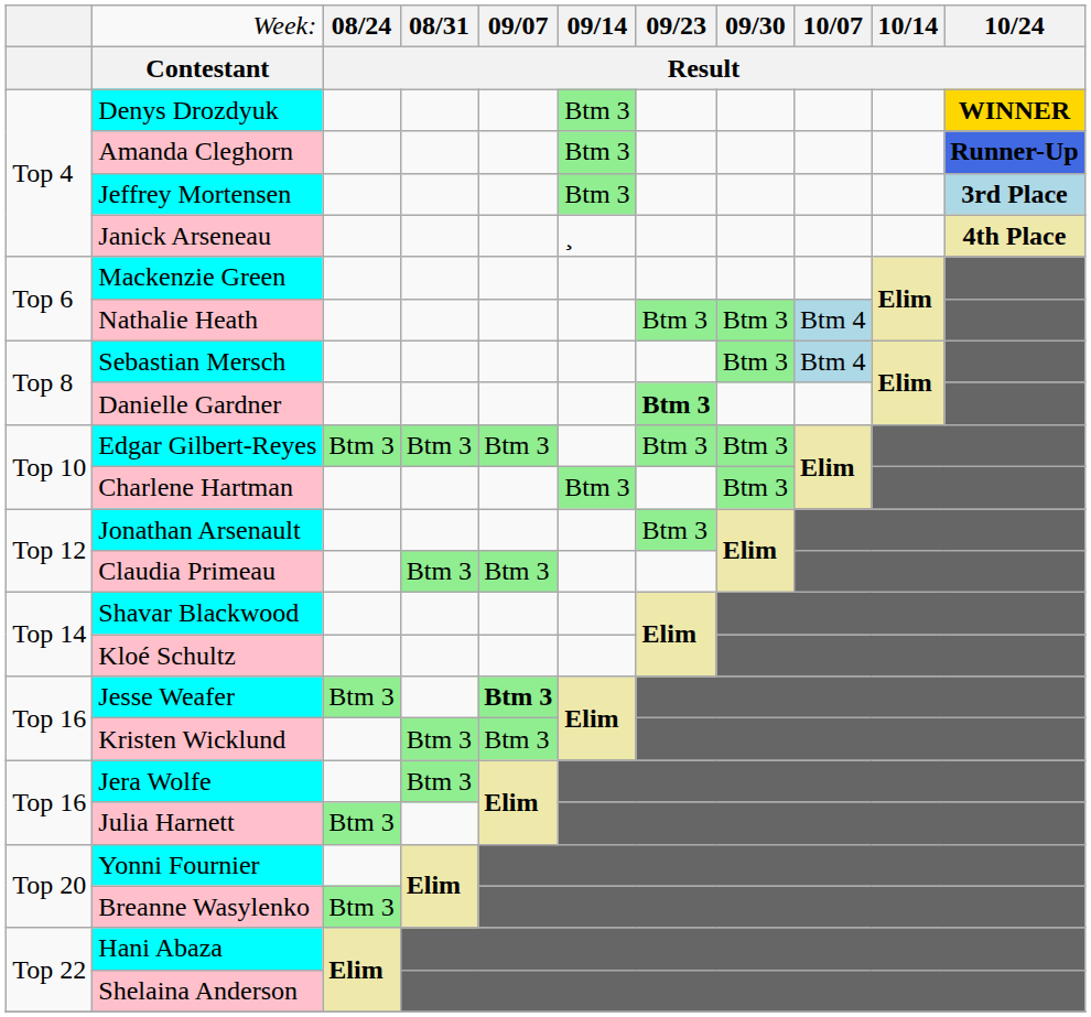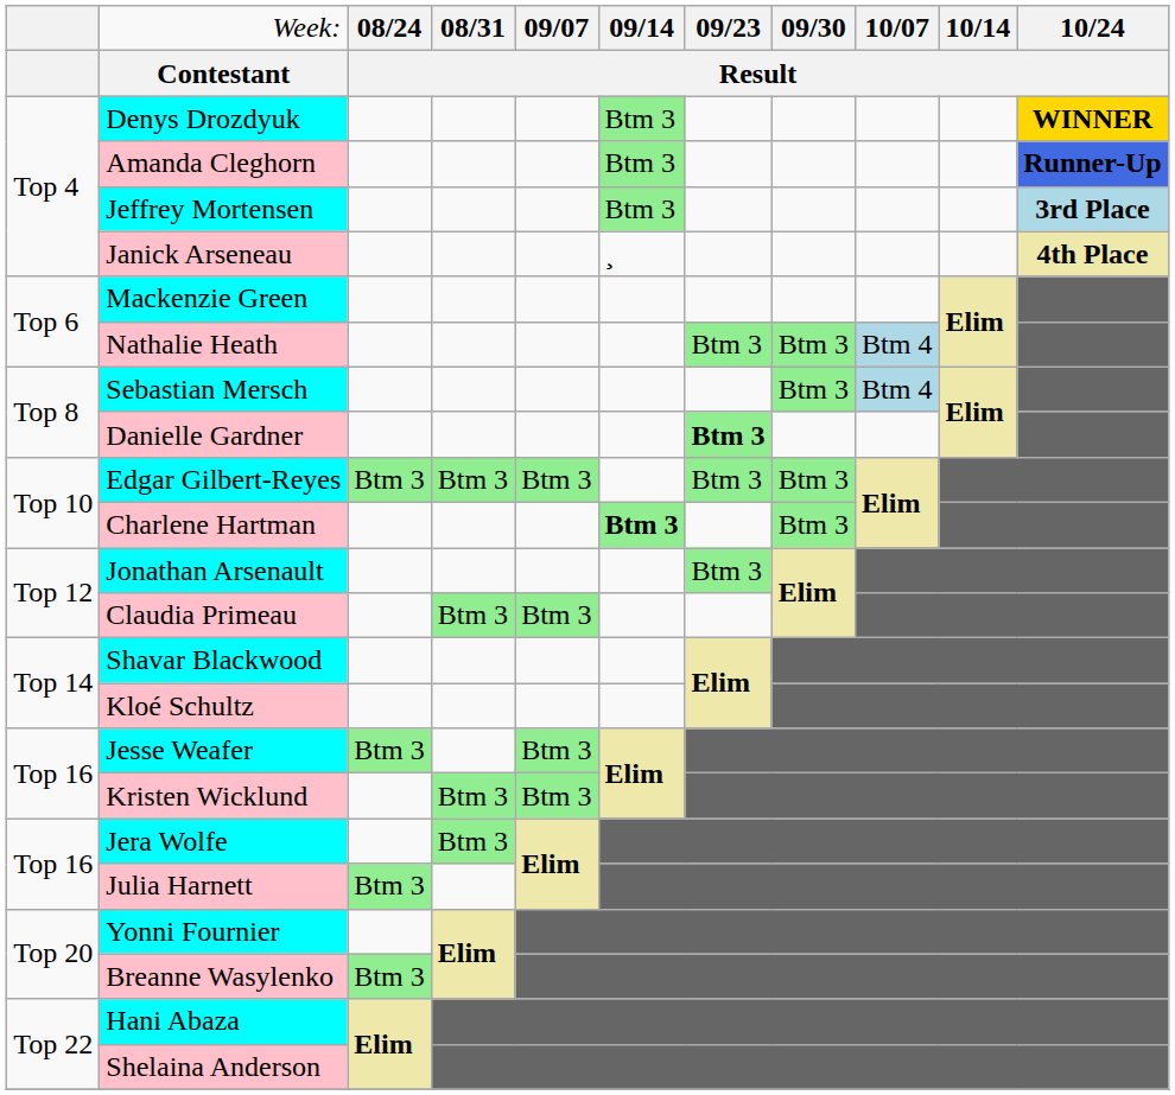 <table class="wikitable" style="margin:1em auto;">
 <tr>
 <th></th>
 <td align="right"><em>Week:</em></td>
 <th>08/24</th>
 <th>08/31</th>
 <th>09/07</th>
 <th>09/14</th>
 <th>09/23</th>
 <th>09/30</th>
 <th>10/07</th>
 <th>10/14</th>
 <th>10/24</th>
 </tr>
 <tr>
 <th></th>
 <th>Contestant</th>
 <th colspan="9" align="center">Result</th>
 </tr>
 <tr>
 <td rowspan="4">Top 4</td>
 <td bgcolor="cyan">Denys Drozdyuk</td>
 <td></td>
 <td></td>
 <td></td>
 <td style="background:lightgreen;">Btm 3</td>
 <td></td>
 <td></td>
 <td></td>
 <td></td>
 <td bgcolor="gold" align="center"><strong>WINNER</strong></td>
 </tr>
 <tr>
 <td bgcolor="pink">Amanda Cleghorn</td>
 <td></td>
 <td></td>
 <td></td>
 <td style="background:lightgreen;">Btm 3</td>
 <td></td>
 <td></td>
 <td></td>
 <td></td>
 <td bgcolor="royalblue" align="center"><strong>Runner-Up</strong></td>
 </tr>
 <tr>
 <td bgcolor="cyan">Jeffrey Mortensen</td>
 <td></td>
 <td></td>
 <td></td>
 <td style="background:lightgreen;">Btm 3</td>
 <td></td>
 <td></td>
 <td></td>
 <td></td>
 <td bgcolor="lightblue" align="center"><strong>3rd Place</strong></td>
 </tr>
 <tr>
 <td bgcolor="pink">Janick Arseneau</td>
 <td></td>
 <td></td>
 <td></td>
 <td>¸</td>
 <td></td>
 <td></td>
 <td></td>
 <td></td>
 <td bgcolor="palegoldenrod" align="center"><strong>4th Place</strong></td>
 </tr>
 <tr>
 <td rowspan="2">Top 6</td>
 <td bgcolor="cyan">Mackenzie Green</td>
 <td></td>
 <td></td>
 <td></td>
 <td></td>
 <td></td>
 <td></td>
 <td></td>
 <td rowspan="2" bgcolor="palegoldenrod"><strong>Elim</strong></td>
 <td colspan="1" bgcolor="666666"></td>
 </tr>
 <tr>
 <td bgcolor="pink">Nathalie Heath</td>
 <td></td>
 <td></td>
 <td></td>
 <td></td>
 <td style="background:lightgreen;">Btm 3</td>
 <td style="background:lightgreen;">Btm 3</td>
 <td style="background:lightblue;">Btm 4</td>
 <td colspan="1" bgcolor="666666"></td>
 </tr>
 <tr>
 <td rowspan="2">Top 8</td>
 <td bgcolor="cyan">Sebastian Mersch</td>
 <td></td>
 <td></td>
 <td></td>
 <td></td>
 <td></td>
 <td style="background:lightgreen;">Btm 3</td>
 <td style="background:lightblue;">Btm 4</td>
 <td rowspan="2" bgcolor="palegoldenrod"><strong>Elim</strong></td>
 <td colspan="1" bgcolor="666666"></td>
 </tr>
 <tr>
 <td bgcolor="pink">Danielle Gardner</td>
 <td></td>
 <td></td>
 <td></td>
 <td></td>
 <td style="background:lightgreen;"><strong>Btm 3</strong></td>
 <td></td>
 <td></td>
 <td colspan="1" bgcolor="666666"></td>
 </tr>
 <tr>
 <td rowspan="2">Top 10</td>
 <td bgcolor="cyan">Edgar Gilbert-Reyes</td>
 <td style="background:lightgreen;">Btm 3</td>
 <td style="background:lightgreen;">Btm 3</td>
 <td style="background:lightgreen;">Btm 3</td>
 <td></td>
 <td style="background:lightgreen;">Btm 3</td>
 <td style="background:lightgreen;">Btm 3</td>
 <td rowspan="2" bgcolor="palegoldenrod"><strong>Elim</strong></td>
 <td colspan="2" bgcolor="666666"></td>
 </tr>
 <tr>
 <td bgcolor="pink">Charlene Hartman</td>
 <td></td>
 <td></td>
 <td></td>
-<td style="background:lightgreen;">Btm 3</td>
+<td style="background:lightgreen;"><strong>Btm 3</strong></td>
 <td></td>
 <td style="background:lightgreen;">Btm 3</td>
 <td colspan="2" bgcolor="666666"></td>
 </tr>
 <tr>
 <td rowspan="2">Top 12</td>
 <td bgcolor="cyan">Jonathan Arsenault</td>
 <td></td>
 <td></td>
 <td></td>
 <td></td>
 <td style="background:lightgreen;">Btm 3</td>
 <td rowspan="2" bgcolor="palegoldenrod"><strong>Elim</strong></td>
 <td colspan="3" bgcolor="666666"></td>
 </tr>
 <tr>
 <td bgcolor="pink">Claudia Primeau</td>
 <td></td>
 <td style="background:lightgreen;">Btm 3</td>
 <td style="background:lightgreen;">Btm 3</td>
 <td></td>
 <td></td>
 <td colspan="3" bgcolor="666666"></td>
 </tr>
 <tr>
 <td rowspan="2">Top 14</td>
 <td bgcolor="cyan">Shavar Blackwood</td>
 <td></td>
 <td></td>
 <td></td>
 <td></td>
 <td rowspan="2" bgcolor="palegoldenrod"><strong>Elim</strong></td>
 <td colspan="4" bgcolor="666666"></td>
 </tr>
 <tr>
 <td bgcolor="pink">Kloé Schultz</td>
 <td></td>
 <td></td>
 <td></td>
 <td></td>
 <td colspan="4" bgcolor="666666"></td>
 </tr>
 <tr>
 <td rowspan="2">Top 16</td>
 <td bgcolor="cyan">Jesse Weafer</td>
 <td style="background:lightgreen;">Btm 3</td>
 <td></td>
-<td style="background:lightgreen;"><strong>Btm 3</strong></td>
+<td style="background:lightgreen;">Btm 3</td>
 <td rowspan="2" bgcolor="palegoldenrod"><strong>Elim</strong></td>
 <td colspan="5" bgcolor="666666"></td>
 </tr>
 <tr>
 <td bgcolor="pink">Kristen Wicklund</td>
 <td></td>
 <td style="background:lightgreen;">Btm 3</td>
 <td style="background:lightgreen;">Btm 3</td>
 <td colspan="5" bgcolor="666666"></td>
 </tr>
 <tr>
 <td rowspan="2">Top 16</td>
 <td bgcolor="cyan">Jera Wolfe</td>
 <td></td>
 <td style="background:lightgreen;">Btm 3</td>
 <td rowspan="2" bgcolor="palegoldenrod"><strong>Elim</strong></td>
 <td colspan="6" bgcolor="666666"></td>
 </tr>
 <tr>
 <td bgcolor="pink">Julia Harnett</td>
 <td style="background:lightgreen;">Btm 3</td>
 <td></td>
 <td colspan="6" bgcolor="666666"></td>
 </tr>
 <tr>
 <td rowspan="2">Top 20</td>
 <td bgcolor="cyan">Yonni Fournier</td>
 <td></td>
 <td rowspan="2" bgcolor="palegoldenrod"><strong>Elim</strong></td>
 <td colspan="7" bgcolor="666666"></td>
 </tr>
 <tr>
 <td bgcolor="pink">Breanne Wasylenko</td>
 <td style="background:lightgreen;">Btm 3</td>
 <td colspan="7" bgcolor="666666"></td>
 </tr>
 <tr>
 <td rowspan="2">Top 22</td>
 <td bgcolor="cyan">Hani Abaza</td>
 <td rowspan="2" bgcolor="palegoldenrod"><strong>Elim</strong></td>
 <td colspan="8" bgcolor="666666"></td>
 </tr>
 <tr>
 <td bgcolor="pink">Shelaina Anderson</td>
 <td colspan="8" bgcolor="666666"></td>
 </tr>
 <tr>
 </tr>
 </table>
